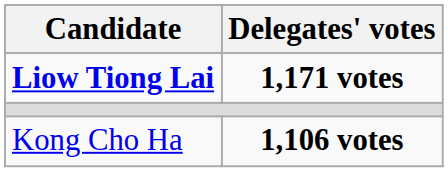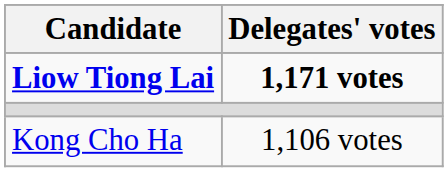 <table class=wikitable style=text-align:center>
 <tr>
 <th>Candidate</th>
 <th>Delegates' votes</th>
 </tr>
 <tr>
 <td align=left><strong><a href='#'>Liow Tiong Lai</a></strong></td>
 <td><strong>1,171 votes</strong></td>
 </tr>
 <tr>
 <td colspan=3 bgcolor=dcdcdc></td>
 </tr>
 <tr>
 <td align=left><a href='#'>Kong Cho Ha</a></td>
-<td><strong>1,106 votes</strong></td>
+<td>1,106 votes</td>
 </tr>
 </table>
